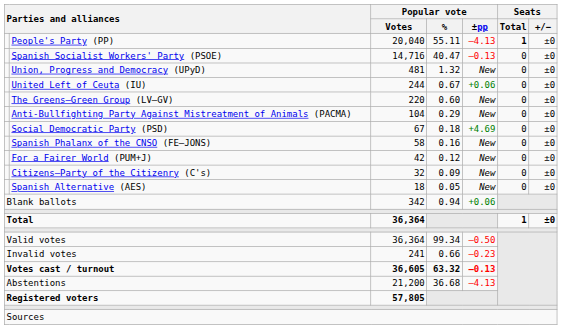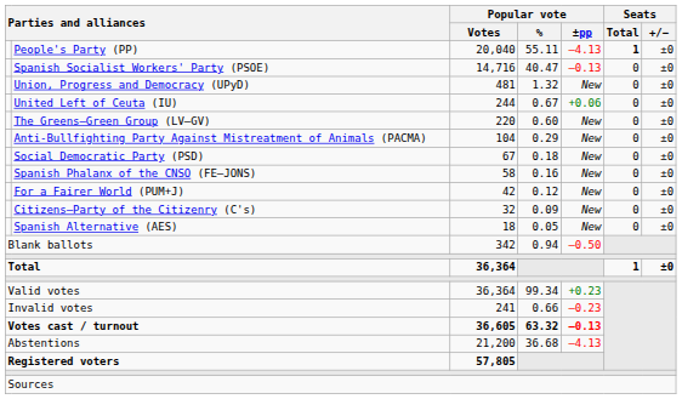 <table class="wikitable" style="text-align:right;">
 <tr>
 <th style="text-align:left;" rowspan="2" colspan="2" width="525">Parties and alliances</th>
 <th colspan="3">Popular vote</th>
 <th colspan="2">Seats</th>
 </tr>
 <tr>
 <th width="75">Votes</th>
 <th width="45">%</th>
 <th width="45">±<a href='#'>pp</a></th>
 <th width="35">Total</th>
 <th width="35">+/−</th>
 </tr>
 <tr>
 <td width="1" style="color:inherit;background:"></td>
 <td align="left"><a href='#'>People's Party</a> (PP)</td>
 <td>20,040</td>
 <td>55.11</td>
 <td style="color:red;">–4.13</td>
 <td><strong>1</strong></td>
 <td>±0</td>
 </tr>
 <tr>
 <td style="color:inherit;background:"></td>
 <td align="left"><a href='#'>Spanish Socialist Workers' Party</a> (PSOE)</td>
 <td>14,716</td>
 <td>40.47</td>
 <td style="color:red;">–0.13</td>
 <td>0</td>
 <td>±0</td>
 </tr>
 <tr>
 <td style="color:inherit;background:"></td>
 <td align="left"><a href='#'>Union, Progress and Democracy</a> (UPyD)</td>
 <td>481</td>
 <td>1.32</td>
 <td><em>New</em></td>
 <td>0</td>
 <td>±0</td>
 </tr>
 <tr>
 <td style="color:inherit;background:"></td>
 <td align="left"><a href='#'>United Left of Ceuta</a> (IU)</td>
 <td>244</td>
 <td>0.67</td>
 <td style="color:green;">+0.06</td>
 <td>0</td>
 <td>±0</td>
 </tr>
 <tr>
 <td style="color:inherit;background:"></td>
 <td align="left"><a href='#'>The Greens–Green Group</a> (LV–GV)</td>
 <td>220</td>
 <td>0.60</td>
 <td><em>New</em></td>
 <td>0</td>
 <td>±0</td>
 </tr>
 <tr>
 <td style="color:inherit;background:"></td>
 <td align="left"><a href='#'>Anti-Bullfighting Party Against Mistreatment of Animals</a> (PACMA)</td>
 <td>104</td>
 <td>0.29</td>
 <td><em>New</em></td>
 <td>0</td>
 <td>±0</td>
 </tr>
 <tr>
 <td style="color:inherit;background:"></td>
 <td align="left"><a href='#'>Social Democratic Party</a> (PSD)</td>
 <td>67</td>
 <td>0.18</td>
-<td style="color:green;">+4.69</td>
+<td><em>New</em></td>
 <td>0</td>
 <td>±0</td>
 </tr>
 <tr>
 <td style="color:inherit;background:"></td>
 <td align="left"><a href='#'>Spanish Phalanx of the CNSO</a> (FE–JONS)</td>
 <td>58</td>
 <td>0.16</td>
 <td><em>New</em></td>
 <td>0</td>
 <td>±0</td>
 </tr>
 <tr>
 <td style="color:inherit;background:"></td>
 <td align="left"><a href='#'>For a Fairer World</a> (PUM+J)</td>
 <td>42</td>
 <td>0.12</td>
 <td><em>New</em></td>
 <td>0</td>
 <td>±0</td>
 </tr>
 <tr>
 <td style="color:inherit;background:"></td>
 <td align="left"><a href='#'>Citizens–Party of the Citizenry</a> (C's)</td>
 <td>32</td>
 <td>0.09</td>
 <td><em>New</em></td>
 <td>0</td>
 <td>±0</td>
 </tr>
 <tr>
 <td style="color:inherit;background:"></td>
 <td align="left"><a href='#'>Spanish Alternative</a> (AES)</td>
 <td>18</td>
 <td>0.05</td>
 <td><em>New</em></td>
 <td>0</td>
 <td>±0</td>
 </tr>
 <tr>
 <td align="left" colspan="2">Blank ballots</td>
 <td>342</td>
 <td>0.94</td>
-<td style="color:green;">+0.06</td>
+<td style="color:red;">–0.50</td>
 <td bgcolor="#E9E9E9" colspan="2"></td>
 </tr>
 <tr>
 <td colspan="7" bgcolor="#E9E9E9"></td>
 </tr>
 <tr style="font-weight:bold;">
 <td align="left" colspan="2">Total</td>
 <td>36,364</td>
 <td bgcolor="#E9E9E9" colspan="2"></td>
 <td>1</td>
 <td>±0</td>
 </tr>
 <tr>
 <td colspan="7" bgcolor="#E9E9E9"></td>
 </tr>
 <tr>
 <td align="left" colspan="2">Valid votes</td>
 <td>36,364</td>
 <td>99.34</td>
-<td style="color:red;">–0.50</td>
+<td style="color:green;">+0.23</td>
 <td bgcolor="#E9E9E9" colspan="2" rowspan="5"></td>
 </tr>
 <tr>
 <td align="left" colspan="2">Invalid votes</td>
 <td>241</td>
 <td>0.66</td>
 <td style="color:red;">–0.23</td>
 </tr>
 <tr style="font-weight:bold;">
 <td align="left" colspan="2">Votes cast / turnout</td>
 <td>36,605</td>
 <td>63.32</td>
 <td style="color:red;">–0.13</td>
 </tr>
 <tr>
 <td align="left" colspan="2">Abstentions</td>
 <td>21,200</td>
 <td>36.68</td>
 <td style="color:red;">–4.13</td>
 </tr>
 <tr style="font-weight:bold;">
 <td align="left" colspan="2">Registered voters</td>
 <td>57,805</td>
 <td bgcolor="#E9E9E9" colspan="2"></td>
 </tr>
 <tr>
 <td colspan="7" bgcolor="#E9E9E9"></td>
 </tr>
 <tr>
 <td align="left" colspan="7">Sources</td>
 </tr>
 </table>
